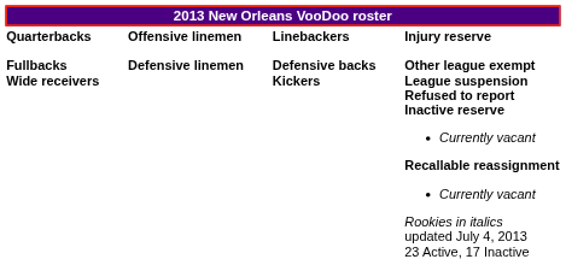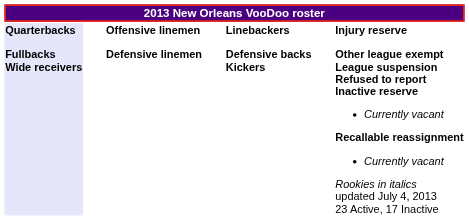 <table class="toccolours" style="text-align: left;">
 <tr>
 <th colspan=7 style="background:#4B0082; border: 2px solid #FF2400; color:white; text-align:center;"><strong>2013 New Orleans VooDoo roster</strong></th>
 </tr>
 <tr>
-<td style="font-size: 95%;" valign="top"><strong>Quarterbacks</strong><br>  <br><strong>Fullbacks</strong>  <br><strong>Wide receivers</strong>      </td>
+<td style="background: lavender; font-size: 95%;" valign="top"><strong>Quarterbacks</strong><br>  <br><strong>Fullbacks</strong>  <br><strong>Wide receivers</strong>      </td>
 <td style="width: 25px;"></td>
 <td style="font-size: 95%;" valign="top"><strong>Offensive linemen</strong><br>  <br><strong>Defensive linemen</strong>   </td>
 <td style="width: 25px;"></td>
 <td style="font-size: 95%;" valign="top"><strong>Linebackers</strong><br><br><strong>Defensive backs</strong>     <br><strong>Kickers</strong> </td>
 <td style="width: 25px;"></td>
 <td style="font-size: 95%;" valign="top"><strong>Injury reserve</strong><br>    <br><strong>Other league exempt</strong>    <br><strong>League suspension</strong>     <br><strong>Refused to report</strong> <br><strong>Inactive reserve</strong><ul><li><em>Currently vacant</em></li></ul><strong>Recallable reassignment</strong><ul><li><em>Currently vacant</em></li></ul> <em>Rookies in italics</em><br> <span></span> updated July 4, 2013<br> 23 Active, 17 Inactive </td>
 </tr>
 <tr>
 </tr>
 </table>
